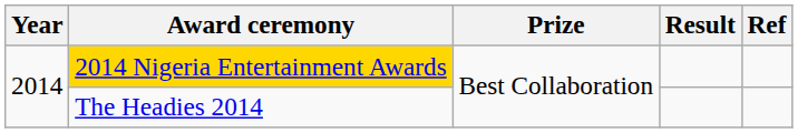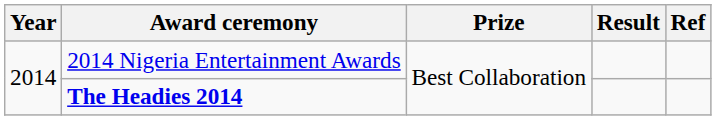 <table class ="wikitable">
 <tr>
 <th>Year</th>
 <th>Award ceremony</th>
 <th>Prize</th>
 <th>Result</th>
 <th>Ref</th>
 </tr>
 <tr>
 <td rowspan="2">2014</td>
-<td style="background: gold;"><a href='#'>2014 Nigeria Entertainment Awards</a></td>
+<td><a href='#'>2014 Nigeria Entertainment Awards</a></td>
 <td rowspan="2">Best Collaboration</td>
 <td></td>
 <td></td>
 </tr>
 <tr>
-<td><a href='#'>The Headies 2014</a></td>
+<td><strong><a href='#'>The Headies 2014</a></strong></td>
 <td></td>
 <td></td>
 </tr>
 </table>
